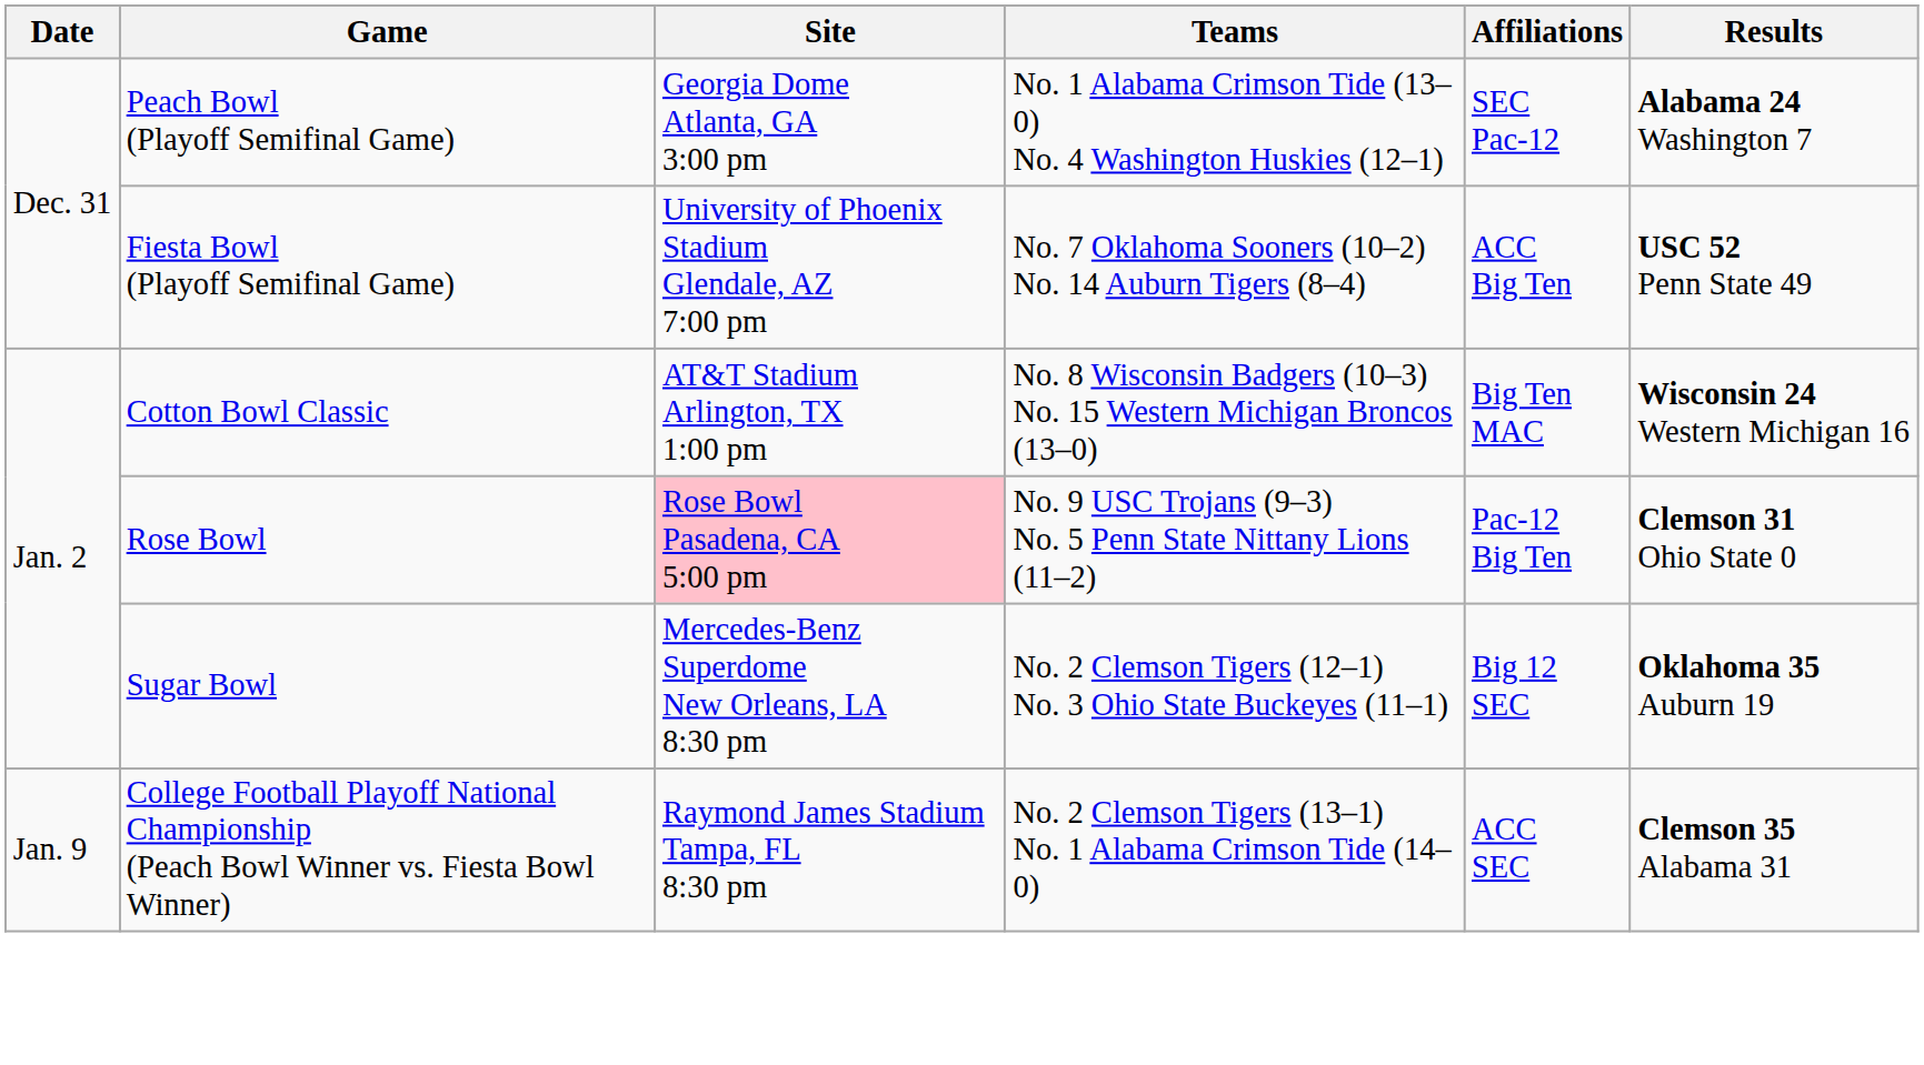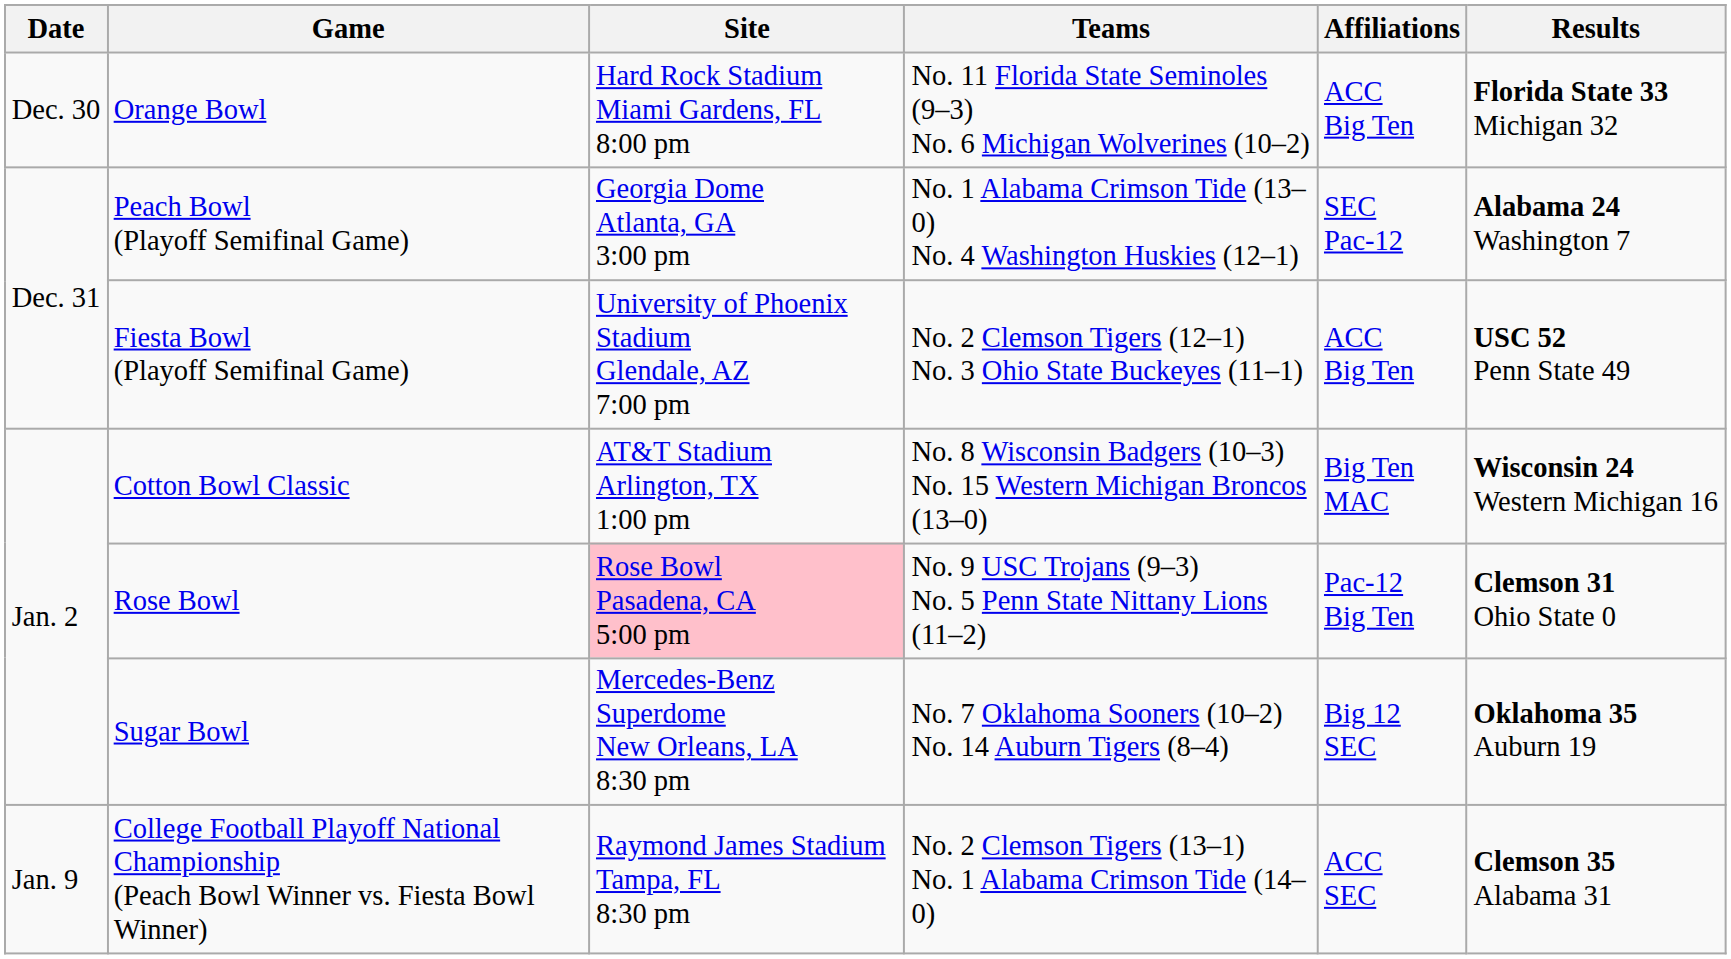 <table class="wikitable" style="font-size:90%;">
 <tr>
 <th>Date</th>
 <th>Game</th>
 <th>Site</th>
 <th>Teams</th>
 <th>Affiliations</th>
 <th>Results</th>
+</tr>
+<tr>
+<td style=white-space:nowrap>Dec. 30</td>
+<td><a href='#'>Orange Bowl</a></td>
+<td><a href='#'>Hard Rock Stadium</a><br><a href='#'>Miami Gardens, FL</a><br>8:00 pm</td>
+<td>No. 11 <a href='#'>Florida State Seminoles</a> (9–3)<br>No. 6 <a href='#'>Michigan Wolverines</a> (10–2)</td>
+<td><a href='#'>ACC</a><br><a href='#'>Big Ten</a></td>
+<td style=white-space:nowrap><strong>Florida State 33</strong><br>Michigan 32</td>
 </tr>
 <tr>
 <td rowspan=2 style=white-space:nowrap>Dec. 31</td>
 <td><a href='#'>Peach Bowl</a><br>(Playoff Semifinal Game)</td>
 <td><a href='#'>Georgia Dome</a><br><a href='#'>Atlanta, GA</a><br>3:00 pm</td>
 <td>No. 1 <a href='#'>Alabama Crimson Tide</a> (13–0)<br>No. 4 <a href='#'>Washington Huskies</a> (12–1)</td>
 <td><a href='#'>SEC</a><br><a href='#'>Pac-12</a></td>
 <td style=white-space:nowrap><strong>Alabama 24</strong><br>Washington 7</td>
 </tr>
 <tr>
 <td><a href='#'>Fiesta Bowl</a><br>(Playoff Semifinal Game)</td>
 <td><a href='#'>University of Phoenix Stadium</a><br><a href='#'>Glendale, AZ</a><br>7:00 pm</td>
-<td>No. 7 <a href='#'>Oklahoma Sooners</a> (10–2)<br>No. 14 <a href='#'>Auburn Tigers</a> (8–4)</td>
+<td>No. 2 <a href='#'>Clemson Tigers</a> (12–1)<br>No. 3 <a href='#'>Ohio State Buckeyes</a> (11–1)</td>
 <td><a href='#'>ACC</a><br><a href='#'>Big Ten</a></td>
 <td style=white-space:nowrap><strong>USC 52</strong><br>Penn State 49</td>
 </tr>
 <tr>
 <td rowspan=3 style=white-space:nowrap>Jan. 2</td>
 <td><a href='#'>Cotton Bowl Classic</a></td>
 <td><a href='#'>AT&T Stadium</a><br><a href='#'>Arlington, TX</a><br>1:00 pm</td>
 <td>No. 8 <a href='#'>Wisconsin Badgers</a> (10–3)<br>No. 15 <a href='#'>Western Michigan Broncos</a> (13–0)</td>
 <td><a href='#'>Big Ten</a><br><a href='#'>MAC</a></td>
 <td style=white-space:nowrap><strong>Wisconsin 24</strong><br>Western Michigan 16</td>
 </tr>
 <tr>
 <td><a href='#'>Rose Bowl</a></td>
 <td style="background: pink;"><a href='#'>Rose Bowl</a><br><a href='#'>Pasadena, CA</a><br>5:00 pm</td>
 <td>No. 9 <a href='#'>USC Trojans</a> (9–3)<br>No. 5 <a href='#'>Penn State Nittany Lions</a> (11–2)</td>
 <td><a href='#'>Pac-12</a><br><a href='#'>Big Ten</a></td>
 <td style=white-space:nowrap><strong>Clemson 31</strong><br>Ohio State 0</td>
 </tr>
 <tr>
 <td><a href='#'>Sugar Bowl</a></td>
 <td><a href='#'>Mercedes-Benz Superdome</a><br><a href='#'>New Orleans, LA</a><br>8:30 pm</td>
-<td>No. 2 <a href='#'>Clemson Tigers</a> (12–1)<br>No. 3 <a href='#'>Ohio State Buckeyes</a> (11–1)</td>
+<td>No. 7 <a href='#'>Oklahoma Sooners</a> (10–2)<br>No. 14 <a href='#'>Auburn Tigers</a> (8–4)</td>
 <td><a href='#'>Big 12</a><br><a href='#'>SEC</a></td>
 <td style=white-space:nowrap><strong>Oklahoma 35</strong><br>Auburn 19</td>
 </tr>
 <tr>
 <td style="white-space:nowrap;">Jan. 9</td>
 <td><a href='#'>College Football Playoff National Championship</a><br>(Peach Bowl Winner vs. Fiesta Bowl Winner)</td>
 <td><a href='#'>Raymond James Stadium</a> <br><a href='#'>Tampa, FL</a><br>8:30 pm</td>
 <td>No. 2 <a href='#'>Clemson Tigers</a> (13–1)<br>No. 1 <a href='#'>Alabama Crimson Tide</a> (14–0)</td>
 <td><a href='#'>ACC</a><br><a href='#'>SEC</a></td>
 <td style="white-space:nowrap"><strong>Clemson 35</strong><br>Alabama 31</td>
 </tr>
 </table>
